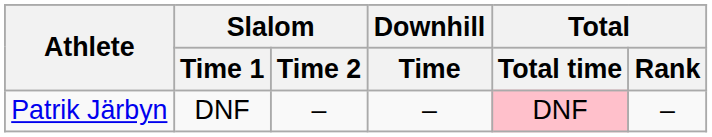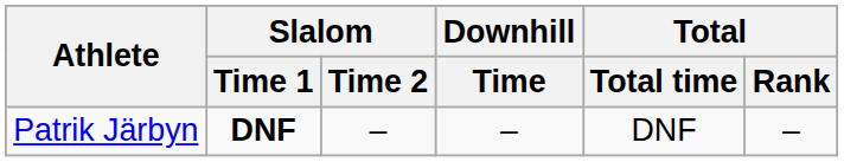 <table class="wikitable" style="font-size:90%">
 <tr>
 <th rowspan="2">Athlete</th>
 <th colspan="2">Slalom</th>
 <th>Downhill</th>
 <th colspan="2">Total</th>
 </tr>
 <tr>
 <th>Time 1</th>
 <th>Time 2</th>
 <th>Time</th>
 <th>Total time</th>
 <th>Rank</th>
 </tr>
 <tr>
 <td><a href='#'>Patrik Järbyn</a></td>
-<td align="center">DNF</td>
+<td align="center"><strong>DNF</strong></td>
 <td align="center">–</td>
 <td align="center">–</td>
-<td align="center" style="background: pink;">DNF</td>
+<td align="center">DNF</td>
 <td align="center">–</td>
 </tr>
 </table>
